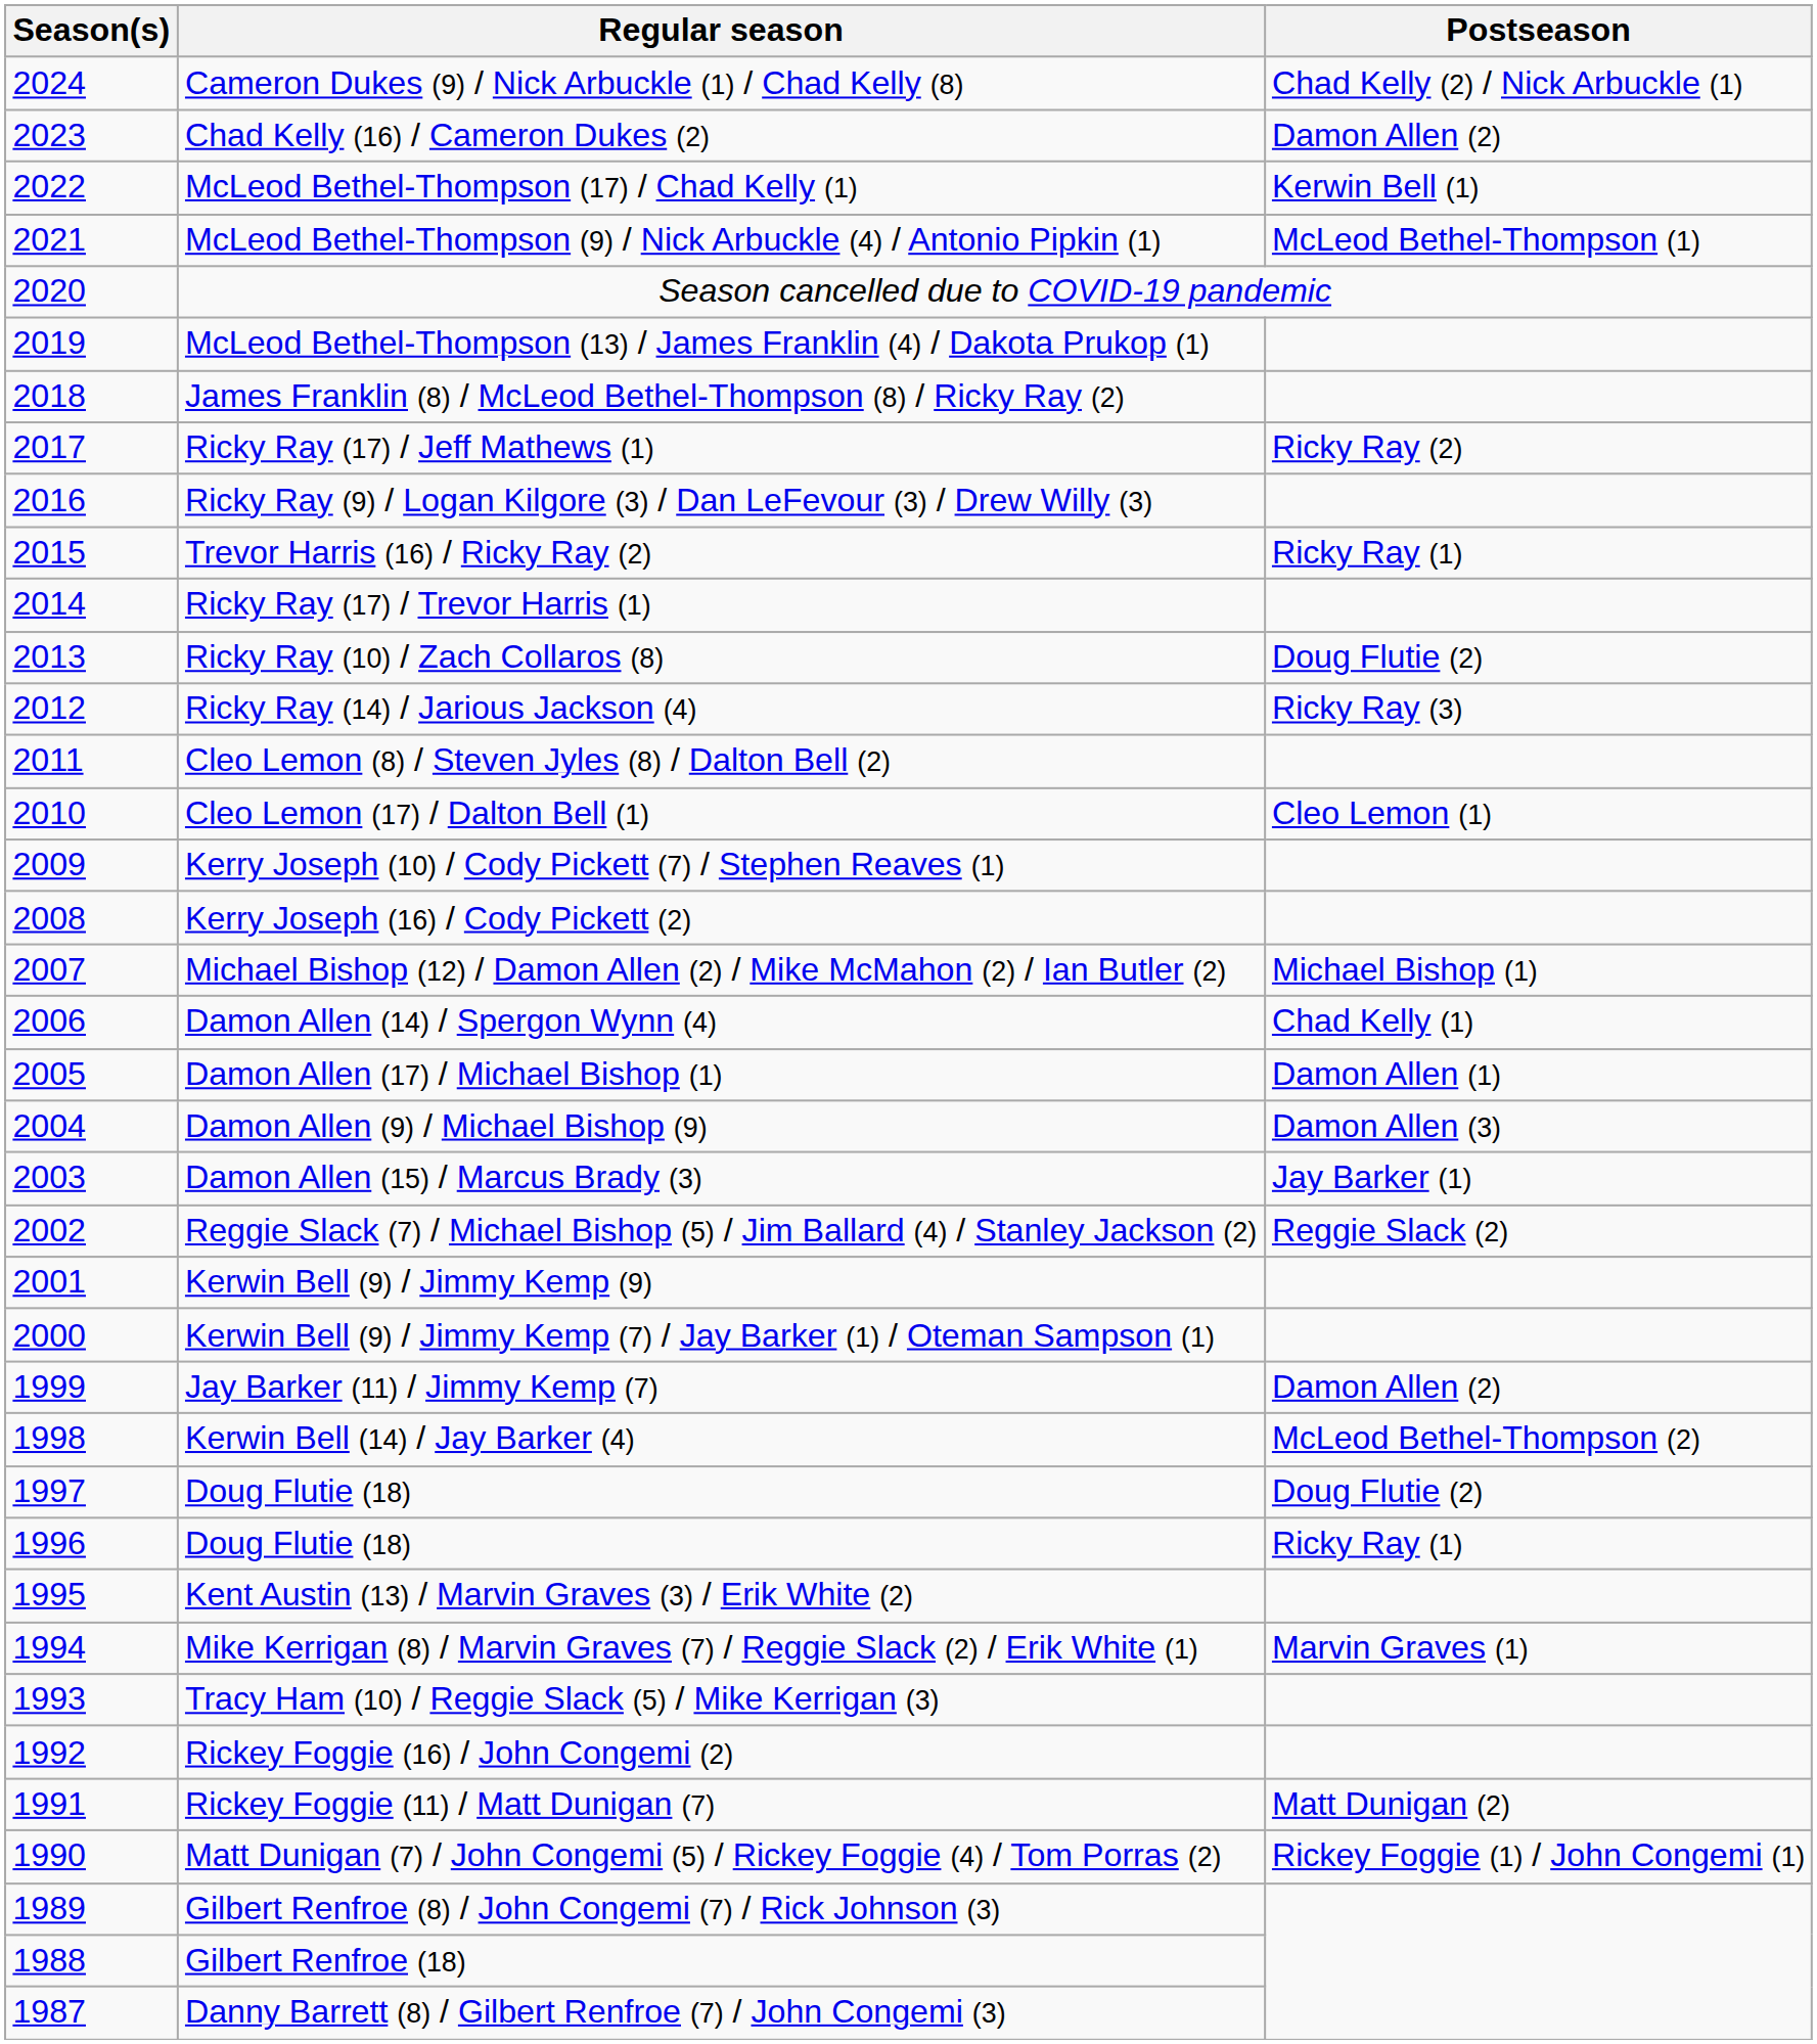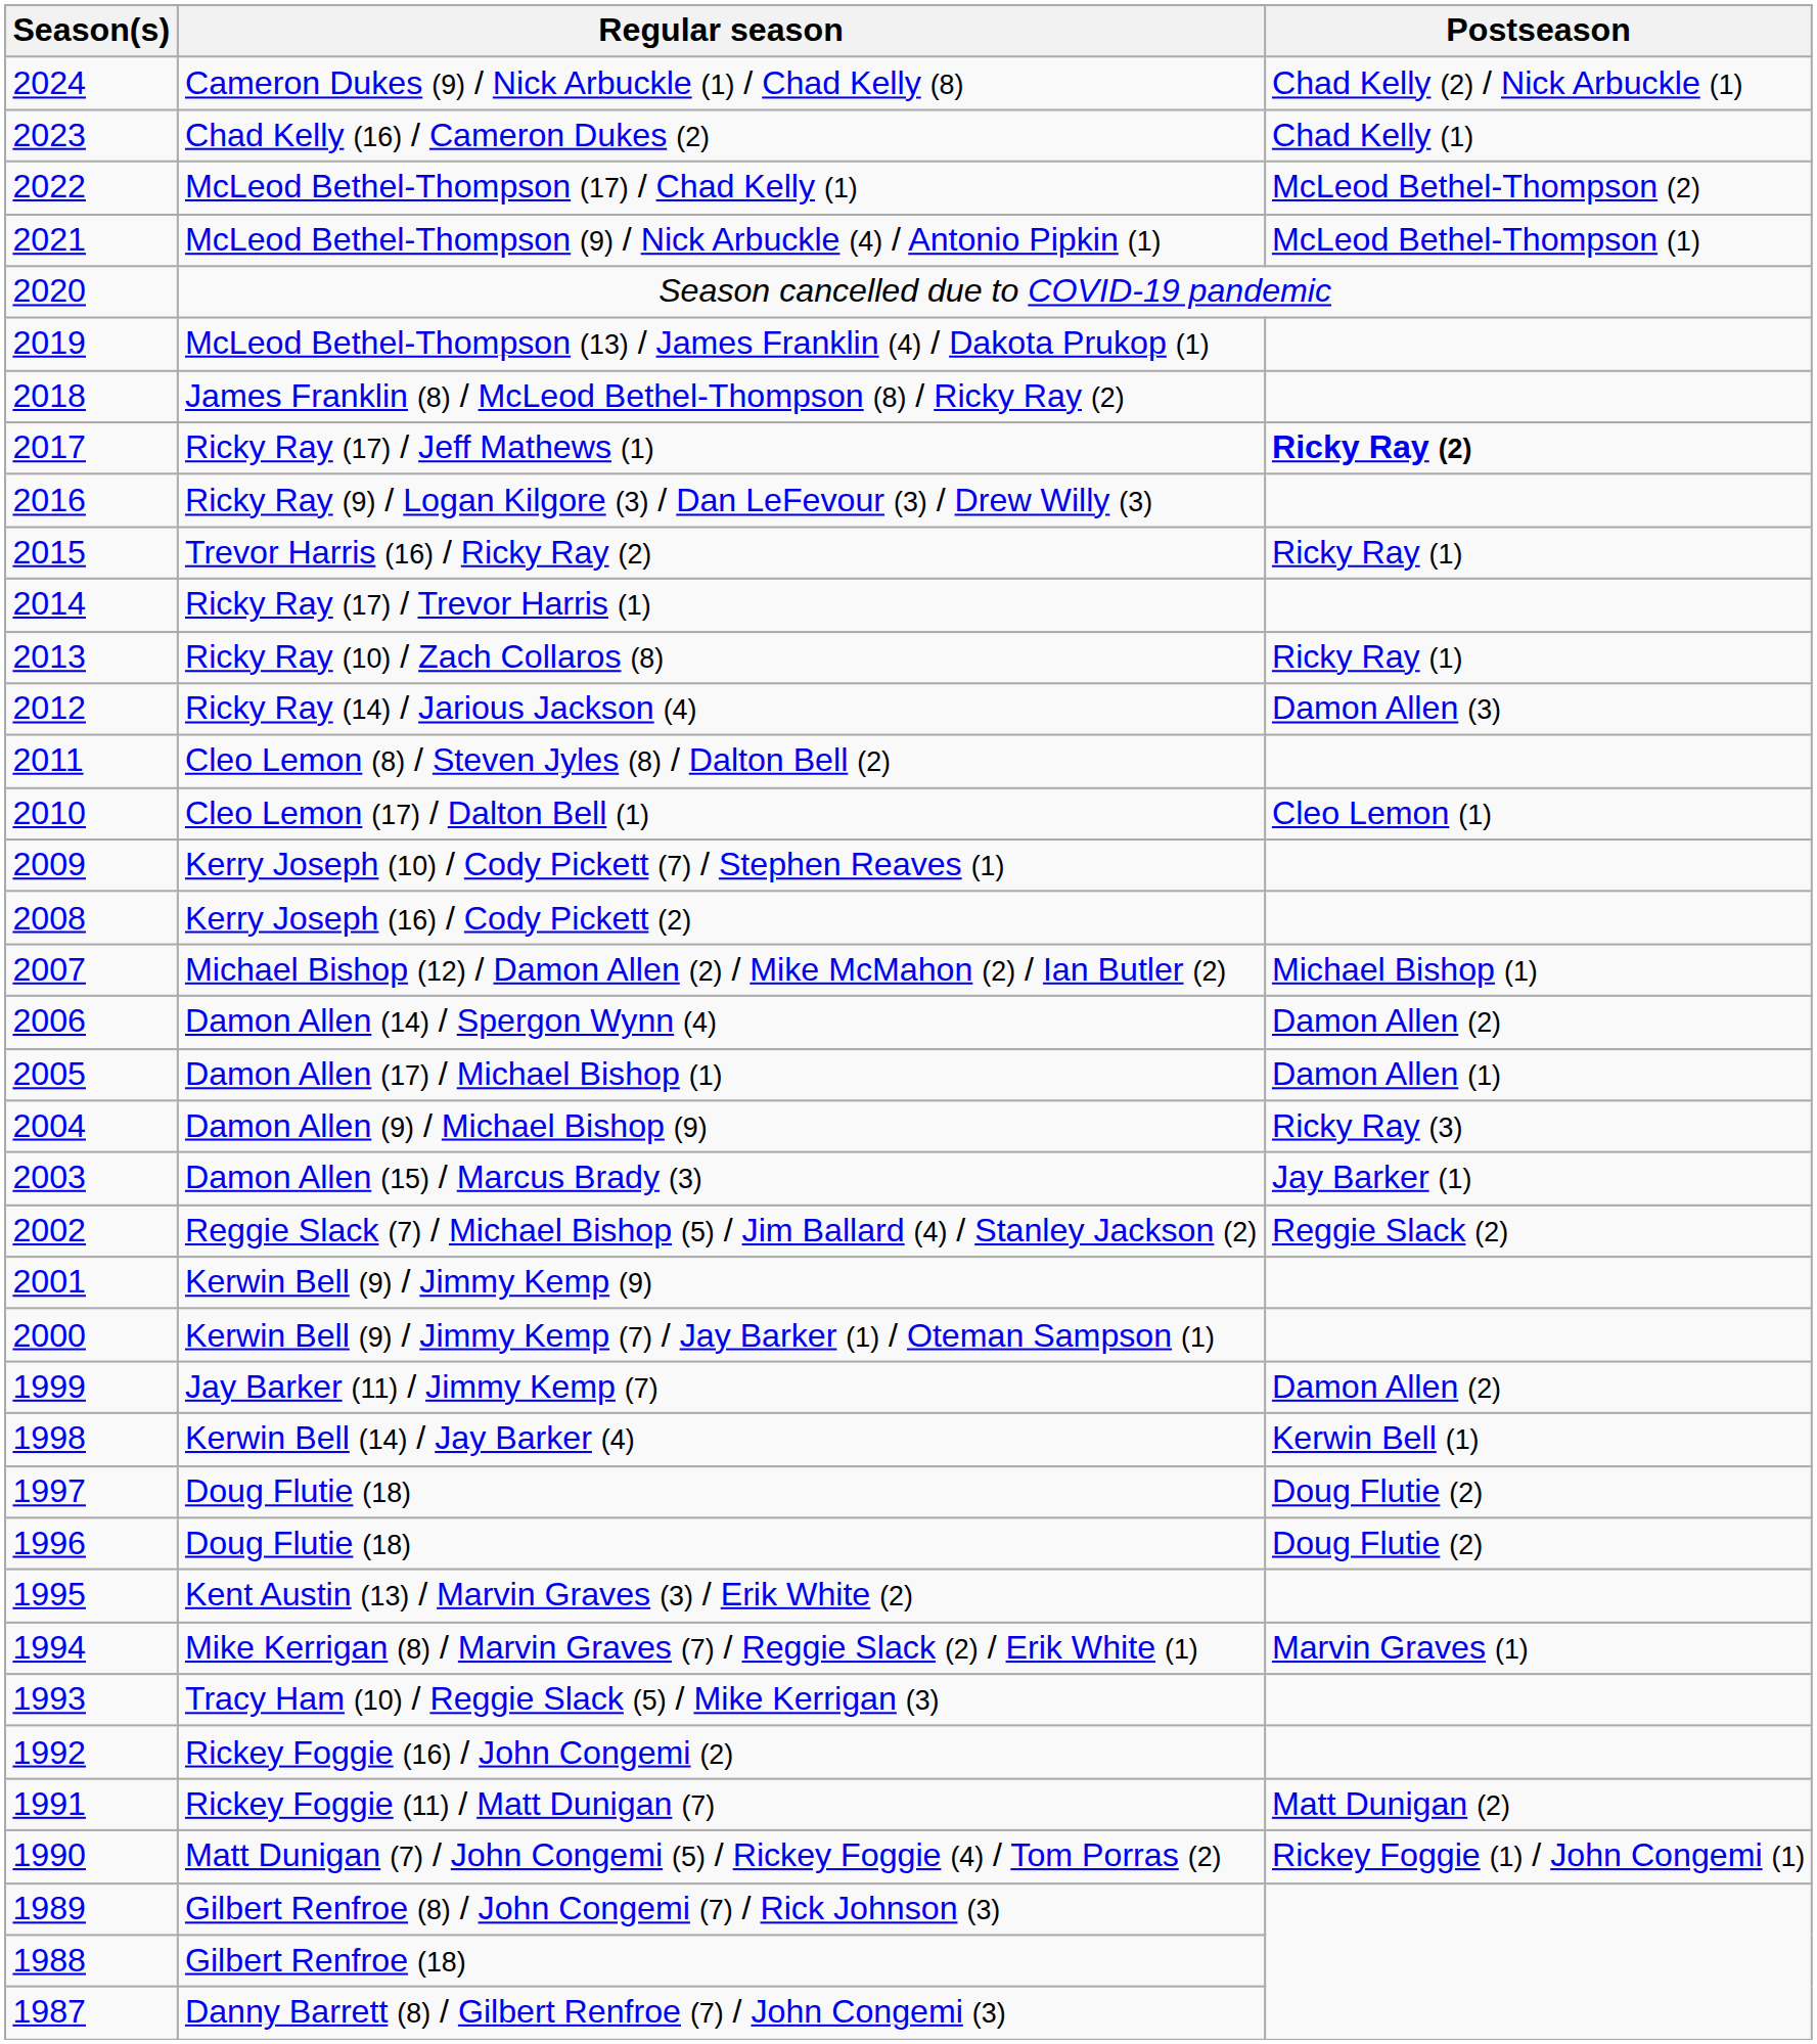 <table class="wikitable sortable">
 <tr>
 <th>Season(s)</th>
 <th>Regular season</th>
 <th>Postseason</th>
 </tr>
 <tr>
 <td align=left><a href='#'>2024</a></td>
 <td align=left><a href='#'>Cameron Dukes</a> <small>(9)</small> / <a href='#'>Nick Arbuckle</a> <small>(1)</small> / <a href='#'>Chad Kelly</a> <small>(8)</small></td>
 <td><a href='#'>Chad Kelly</a> <small>(2)</small> / <a href='#'>Nick Arbuckle</a> <small>(1)</small></td>
 </tr>
 <tr>
 <td align=left><a href='#'>2023</a></td>
 <td align=left><a href='#'>Chad Kelly</a> <small>(16)</small> / <a href='#'>Cameron Dukes</a> <small>(2)</small></td>
-<td><a href='#'>Damon Allen</a> <small>(2)</small></td>
+<td><a href='#'>Chad Kelly</a> <small>(1)</small></td>
 </tr>
 <tr>
 <td align=left><a href='#'>2022</a></td>
 <td align=left><a href='#'>McLeod Bethel-Thompson</a> <small>(17)</small> / <a href='#'>Chad Kelly</a> <small>(1)</small></td>
-<td><a href='#'>Kerwin Bell</a> <small>(1)</small></td>
+<td><a href='#'>McLeod Bethel-Thompson</a> <small>(2)</small></td>
 </tr>
 <tr>
 <td align=left><a href='#'>2021</a></td>
 <td align=left><a href='#'>McLeod Bethel-Thompson</a> <small>(9)</small> / <a href='#'>Nick Arbuckle</a> <small>(4)</small> / <a href='#'>Antonio Pipkin</a> <small>(1)</small></td>
 <td><a href='#'>McLeod Bethel-Thompson</a> <small>(1)</small></td>
 </tr>
 <tr>
 <td><a href='#'>2020</a></td>
 <td align="center" colSpan="2"><em>Season cancelled due to <a href='#'>COVID-19 pandemic</a></em></td>
 </tr>
 <tr>
 <td align=left><a href='#'>2019</a></td>
 <td align=left><a href='#'>McLeod Bethel-Thompson</a> <small>(13)</small> / <a href='#'>James Franklin</a> <small>(4)</small> / <a href='#'>Dakota Prukop</a> <small>(1)</small></td>
 <td></td>
 </tr>
 <tr>
 <td align=left><a href='#'>2018</a></td>
 <td align=left><a href='#'>James Franklin</a> <small>(8)</small> / <a href='#'>McLeod Bethel-Thompson</a> <small>(8)</small> / <a href='#'>Ricky Ray</a> <small>(2)</small></td>
 <td></td>
 </tr>
 <tr>
 <td align=left><a href='#'>2017</a></td>
 <td align=left><a href='#'>Ricky Ray</a> <small>(17)</small> / <a href='#'>Jeff Mathews</a> <small>(1)</small></td>
-<td><a href='#'>Ricky Ray</a> <small>(2)</small></td>
+<td><strong><a href='#'>Ricky Ray</a> <small>(2)</small></strong></td>
 </tr>
 <tr>
 <td align=left><a href='#'>2016</a></td>
 <td align=left><a href='#'>Ricky Ray</a> <small>(9)</small> / <a href='#'>Logan Kilgore</a> <small>(3)</small> / <a href='#'>Dan LeFevour</a> <small>(3)</small> / <a href='#'>Drew Willy</a> <small>(3)</small></td>
 <td></td>
 </tr>
 <tr>
 <td align=left><a href='#'>2015</a></td>
 <td align=left><a href='#'>Trevor Harris</a> <small>(16)</small> / <a href='#'>Ricky Ray</a> <small>(2)</small></td>
 <td align=left><a href='#'>Ricky Ray</a> <small>(1)</small></td>
 </tr>
 <tr>
 <td align=left><a href='#'>2014</a></td>
 <td align=left><a href='#'>Ricky Ray</a> <small>(17)</small> / <a href='#'>Trevor Harris</a> <small>(1)</small></td>
 <td></td>
 </tr>
 <tr>
 <td align=left><a href='#'>2013</a></td>
 <td align=left><a href='#'>Ricky Ray</a> <small>(10)</small> / <a href='#'>Zach Collaros</a> <small>(8)</small></td>
-<td><a href='#'>Doug Flutie</a> <small>(2)</small></td>
+<td align=left><a href='#'>Ricky Ray</a> <small>(1)</small></td>
 </tr>
 <tr>
 <td align=left><a href='#'>2012</a></td>
 <td align=left><a href='#'>Ricky Ray</a> <small>(14)</small> / <a href='#'>Jarious Jackson</a> <small>(4)</small></td>
-<td align=left><a href='#'>Ricky Ray</a> <small>(3)</small></td>
+<td><a href='#'>Damon Allen</a> <small>(3)</small></td>
 </tr>
 <tr>
 <td align=left><a href='#'>2011</a></td>
 <td align=left><a href='#'>Cleo Lemon</a> <small>(8)</small> / <a href='#'>Steven Jyles</a> <small>(8)</small> / <a href='#'>Dalton Bell</a> <small>(2)</small></td>
 <td></td>
 </tr>
 <tr>
 <td align=left><a href='#'>2010</a></td>
 <td align=left><a href='#'>Cleo Lemon</a> <small>(17)</small> / <a href='#'>Dalton Bell</a> <small>(1)</small></td>
 <td align=left><a href='#'>Cleo Lemon</a> <small>(1)</small></td>
 </tr>
 <tr>
 <td align=left><a href='#'>2009</a></td>
 <td align=left><a href='#'>Kerry Joseph</a> <small>(10)</small> / <a href='#'>Cody Pickett</a> <small>(7)</small> / <a href='#'>Stephen Reaves</a> <small>(1)</small></td>
 <td></td>
 </tr>
 <tr>
 <td align=left><a href='#'>2008</a></td>
 <td align=left><a href='#'>Kerry Joseph</a> <small>(16)</small> / <a href='#'>Cody Pickett</a> <small>(2)</small></td>
 <td></td>
 </tr>
 <tr>
 <td align=left><a href='#'>2007</a></td>
 <td align=left><a href='#'>Michael Bishop</a> <small>(12)</small> / <a href='#'>Damon Allen</a> <small>(2)</small> / <a href='#'>Mike McMahon</a> <small>(2)</small> / <a href='#'>Ian Butler</a> <small>(2)</small></td>
 <td><a href='#'>Michael Bishop</a> <small>(1)</small></td>
 </tr>
 <tr>
 <td align=left><a href='#'>2006</a></td>
 <td align=left><a href='#'>Damon Allen</a> <small>(14)</small> / <a href='#'>Spergon Wynn</a> <small>(4)</small></td>
-<td><a href='#'>Chad Kelly</a> <small>(1)</small></td>
+<td><a href='#'>Damon Allen</a> <small>(2)</small></td>
 </tr>
 <tr>
 <td align=left><a href='#'>2005</a></td>
 <td align=left><a href='#'>Damon Allen</a> <small>(17)</small> / <a href='#'>Michael Bishop</a> <small>(1)</small></td>
 <td><a href='#'>Damon Allen</a> <small>(1)</small></td>
 </tr>
 <tr>
 <td align=left><a href='#'>2004</a></td>
 <td align=left><a href='#'>Damon Allen</a> <small>(9)</small> / <a href='#'>Michael Bishop</a> <small>(9)</small></td>
-<td><a href='#'>Damon Allen</a> <small>(3)</small></td>
+<td align=left><a href='#'>Ricky Ray</a> <small>(3)</small></td>
 </tr>
 <tr>
 <td align=left><a href='#'>2003</a></td>
 <td align=left><a href='#'>Damon Allen</a> <small>(15)</small> / <a href='#'>Marcus Brady</a> <small>(3)</small></td>
 <td><a href='#'>Jay Barker</a> <small>(1)</small></td>
 </tr>
 <tr>
 <td align=left><a href='#'>2002</a></td>
 <td align=left><a href='#'>Reggie Slack</a> <small>(7)</small> / <a href='#'>Michael Bishop</a> <small>(5)</small> / <a href='#'>Jim Ballard</a> <small>(4)</small> / <a href='#'>Stanley Jackson</a> <small>(2)</small></td>
 <td><a href='#'>Reggie Slack</a> <small>(2)</small></td>
 </tr>
 <tr>
 <td align=left><a href='#'>2001</a></td>
 <td align=left><a href='#'>Kerwin Bell</a> <small>(9)</small> / <a href='#'>Jimmy Kemp</a> <small>(9)</small></td>
 <td></td>
 </tr>
 <tr>
 <td align=left><a href='#'>2000</a></td>
 <td align=left><a href='#'>Kerwin Bell</a> <small>(9)</small> / <a href='#'>Jimmy Kemp</a> <small>(7)</small> / <a href='#'>Jay Barker</a> <small>(1)</small> / <a href='#'>Oteman Sampson</a> <small>(1)</small></td>
 <td></td>
 </tr>
 <tr>
 <td align=left><a href='#'>1999</a></td>
 <td align=left><a href='#'>Jay Barker</a> <small>(11)</small> / <a href='#'>Jimmy Kemp</a> <small>(7)</small></td>
 <td><a href='#'>Damon Allen</a> <small>(2)</small></td>
 </tr>
 <tr>
 <td align=left><a href='#'>1998</a></td>
 <td align=left><a href='#'>Kerwin Bell</a> <small>(14)</small> / <a href='#'>Jay Barker</a> <small>(4)</small></td>
-<td><a href='#'>McLeod Bethel-Thompson</a> <small>(2)</small></td>
+<td><a href='#'>Kerwin Bell</a> <small>(1)</small></td>
 </tr>
 <tr>
 <td align=left><a href='#'>1997</a></td>
 <td align=left><a href='#'>Doug Flutie</a> <small>(18)</small></td>
 <td><a href='#'>Doug Flutie</a> <small>(2)</small></td>
 </tr>
 <tr>
 <td align=left><a href='#'>1996</a></td>
 <td align=left><a href='#'>Doug Flutie</a> <small>(18)</small></td>
-<td align=left><a href='#'>Ricky Ray</a> <small>(1)</small></td>
+<td><a href='#'>Doug Flutie</a> <small>(2)</small></td>
 </tr>
 <tr>
 <td align=left><a href='#'>1995</a></td>
 <td align=left><a href='#'>Kent Austin</a> <small>(13)</small> / <a href='#'>Marvin Graves</a> <small>(3)</small> / <a href='#'>Erik White</a> <small>(2)</small></td>
 <td></td>
 </tr>
 <tr>
 <td align=left><a href='#'>1994</a></td>
 <td align=left><a href='#'>Mike Kerrigan</a> <small>(8)</small> / <a href='#'>Marvin Graves</a> <small>(7)</small> / <a href='#'>Reggie Slack</a> <small>(2)</small> / <a href='#'>Erik White</a> <small>(1)</small></td>
 <td><a href='#'>Marvin Graves</a> <small>(1)</small></td>
 </tr>
 <tr>
 <td align=left><a href='#'>1993</a></td>
 <td align=left><a href='#'>Tracy Ham</a> <small>(10)</small> / <a href='#'>Reggie Slack</a> <small>(5)</small> / <a href='#'>Mike Kerrigan</a> <small>(3)</small></td>
 <td></td>
 </tr>
 <tr>
 <td align=left><a href='#'>1992</a></td>
 <td align=left><a href='#'>Rickey Foggie</a> <small>(16)</small> / <a href='#'>John Congemi</a> <small>(2)</small></td>
 <td></td>
 </tr>
 <tr>
 <td align=left><a href='#'>1991</a></td>
 <td align=left><a href='#'>Rickey Foggie</a> <small>(11)</small> / <a href='#'>Matt Dunigan</a> <small>(7)</small></td>
 <td><a href='#'>Matt Dunigan</a> <small>(2)</small></td>
 </tr>
 <tr>
 <td align=left><a href='#'>1990</a></td>
 <td align=left><a href='#'>Matt Dunigan</a> <small>(7)</small> / <a href='#'>John Congemi</a> <small>(5)</small> / <a href='#'>Rickey Foggie</a> <small>(4)</small> / <a href='#'>Tom Porras</a> <small>(2)</small></td>
 <td><a href='#'>Rickey Foggie</a> <small>(1)</small> / <a href='#'>John Congemi</a> <small>(1)</small></td>
 </tr>
 <tr>
 <td align=left><a href='#'>1989</a></td>
 <td align=left><a href='#'>Gilbert Renfroe</a> <small>(8)</small> / <a href='#'>John Congemi</a> <small>(7)</small> / <a href='#'>Rick Johnson</a> <small>(3)</small></td>
 </tr>
 <tr>
 <td align=left><a href='#'>1988</a></td>
 <td align=left><a href='#'>Gilbert Renfroe</a> <small>(18)</small></td>
 </tr>
 <tr>
 <td align=left><a href='#'>1987</a></td>
 <td align=left><a href='#'>Danny Barrett</a> <small>(8)</small> / <a href='#'>Gilbert Renfroe</a> <small>(7)</small> / <a href='#'>John Congemi</a> <small>(3)</small></td>
 </tr>
 <tr>
 </tr>
 </table>
